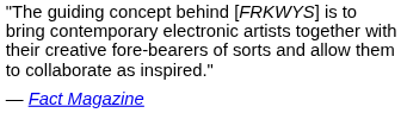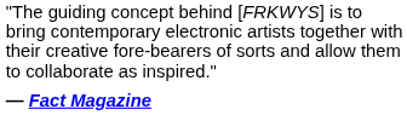 <table class="toccolours" style="float: right; margin-left: 1em; margin-right: 2em; font-size: 85%; background:offwhite; color:black; width:23em; max-width: 40%;" cellspacing="5">
 <tr>
 <td style="text-align: left;">"The guiding concept behind [<em>FRKWYS</em>] is to bring contemporary electronic artists together with their creative fore-bearers of sorts and allow them to collaborate as inspired."</td>
 </tr>
 <tr>
-<td style="text-align: left;">— <em><a href='#'>Fact Magazine</a></em></td>
+<td style="text-align: left;"><strong>— <em><a href='#'>Fact Magazine</a></em></strong></td>
 </tr>
 </table>
